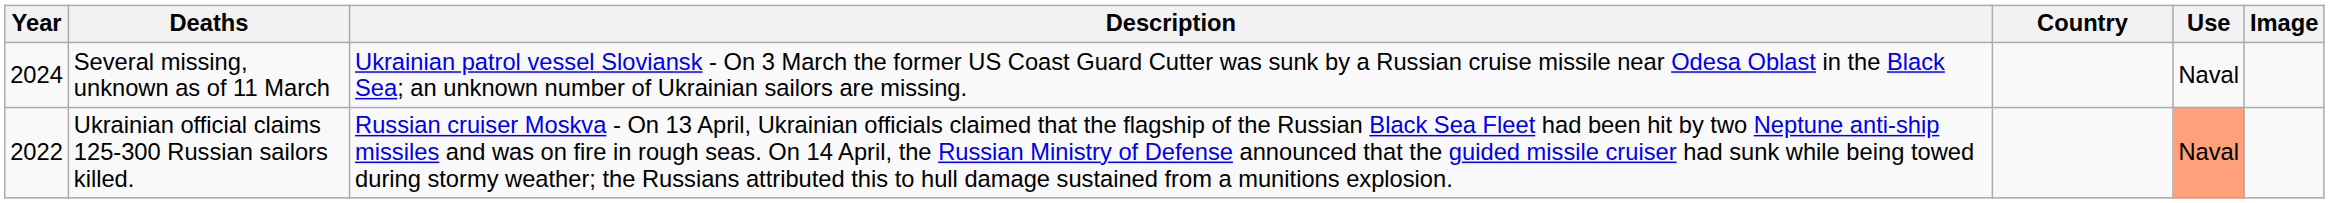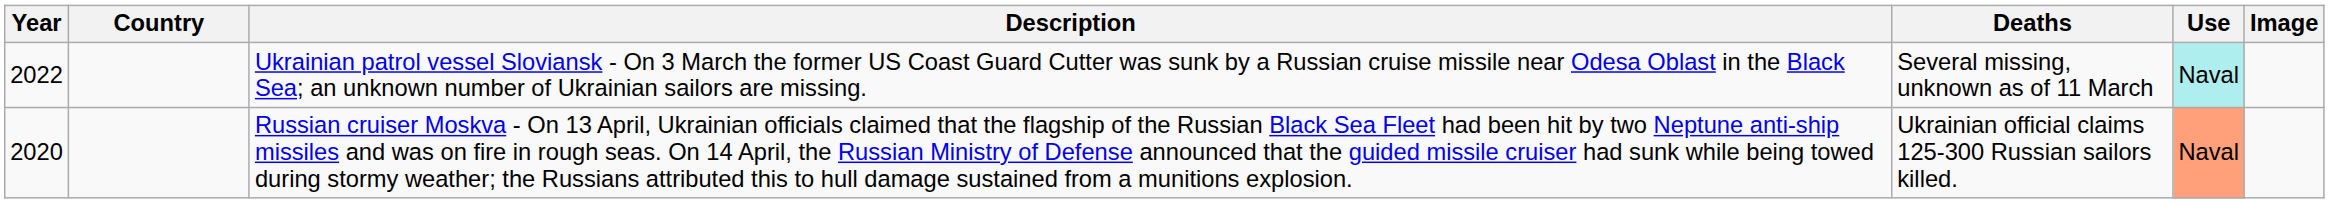 <table class="wikitable sortable" style="display: inline-table;">
 <tr>
 <th data-sort-type="number">Year</th>
+<th width=115px>Country</th>
+<th>Description</th>
 <th data-sort-type="number">Deaths</th>
-<th>Description</th>
-<th width=115px>Country</th>
 <th>Use</th>
 <th class="unsortable">Image</th>
 </tr>
 <tr>
-<td>2024</td>
+<td>2022</td>
+<td></td>
+<td><a href='#'>Ukrainian patrol vessel Sloviansk</a> - On 3 March the former US Coast Guard Cutter was sunk by a Russian cruise missile near <a href='#'>Odesa Oblast</a> in the <a href='#'>Black Sea</a>; an unknown number of Ukrainian sailors are missing.</td>
 <td>Several missing, unknown as of 11 March</td>
-<td><a href='#'>Ukrainian patrol vessel Sloviansk</a> - On 3 March the former US Coast Guard Cutter was sunk by a Russian cruise missile near <a href='#'>Odesa Oblast</a> in the <a href='#'>Black Sea</a>; an unknown number of Ukrainian sailors are missing.</td>
-<td></td>
-<td>Naval</td>
+<td style="background: paleturquoise;">Naval</td>
 <td></td>
 </tr>
 <tr>
-<td>2022</td>
+<td>2020</td>
+<td></td>
+<td><a href='#'>Russian cruiser Moskva</a> - On 13 April, Ukrainian officials claimed that the flagship of the Russian <a href='#'>Black Sea Fleet</a> had been hit by two <a href='#'>Neptune anti-ship missiles</a> and was on fire in rough seas. On 14 April, the <a href='#'>Russian Ministry of Defense</a> announced that the <a href='#'>guided missile cruiser</a> had sunk while being towed during stormy weather; the Russians attributed this to hull damage sustained from a munitions explosion.</td>
 <td>Ukrainian official claims 125-300 Russian sailors killed.</td>
-<td><a href='#'>Russian cruiser Moskva</a> - On 13 April, Ukrainian officials claimed that the flagship of the Russian <a href='#'>Black Sea Fleet</a> had been hit by two <a href='#'>Neptune anti-ship missiles</a> and was on fire in rough seas. On 14 April, the <a href='#'>Russian Ministry of Defense</a> announced that the <a href='#'>guided missile cruiser</a> had sunk while being towed during stormy weather; the Russians attributed this to hull damage sustained from a munitions explosion.</td>
-<td></td>
 <td style="background: lightsalmon;">Naval</td>
 <td></td>
 </tr>
 </table>
